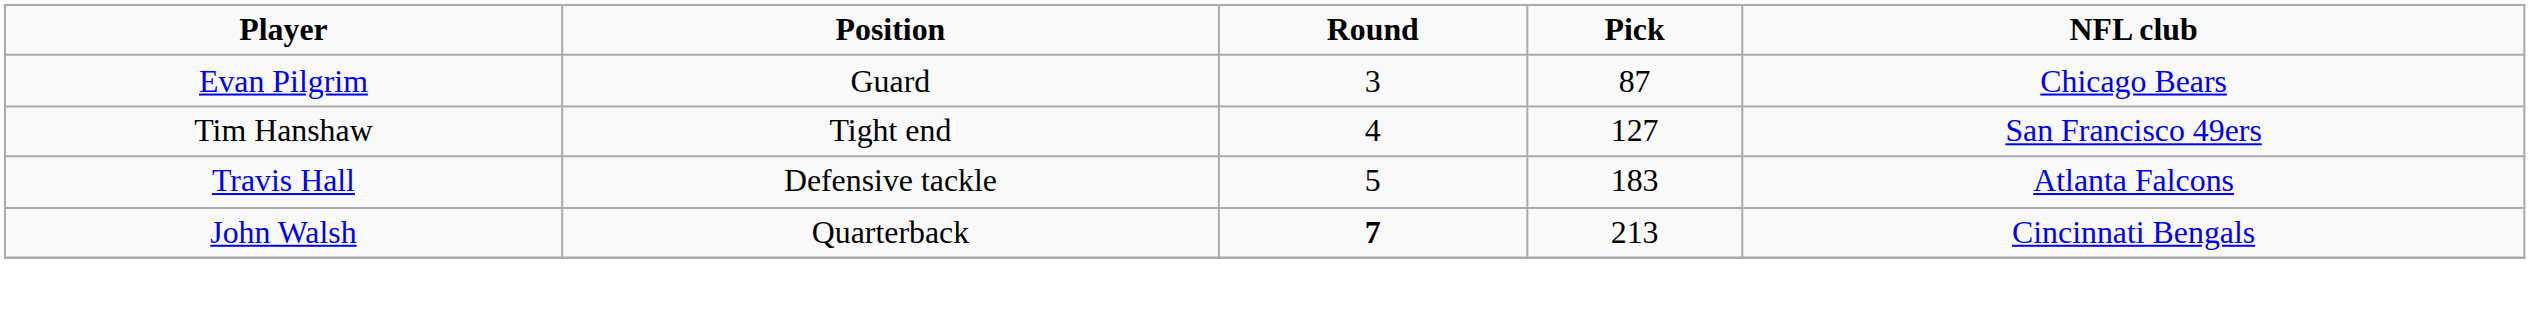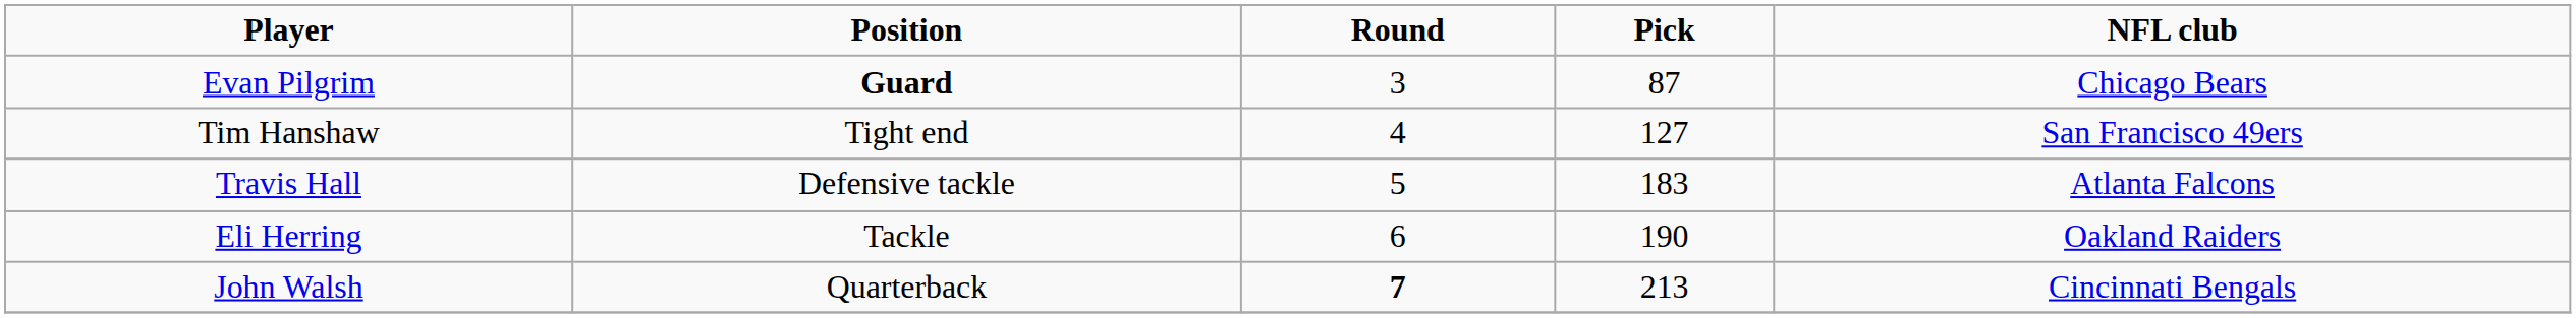 <table class="wikitable" width="80%">
 <tr align="center">
 <td><strong>Player</strong></td>
 <td><strong>Position</strong></td>
 <td><strong>Round</strong></td>
 <td><strong>Pick</strong></td>
 <td><strong>NFL club</strong></td>
 </tr>
 <tr align="center" bgcolor="">
 <td><a href='#'>Evan Pilgrim</a></td>
-<td>Guard</td>
+<td><strong>Guard</strong></td>
 <td>3</td>
 <td>87</td>
 <td><a href='#'>Chicago Bears</a></td>
 </tr>
 <tr align="center" bgcolor="">
 <td>Tim Hanshaw</td>
 <td>Tight end</td>
 <td>4</td>
 <td>127</td>
 <td><a href='#'>San Francisco 49ers</a></td>
 </tr>
 <tr align="center" bgcolor="">
 <td><a href='#'>Travis Hall</a></td>
 <td>Defensive tackle</td>
 <td>5</td>
 <td>183</td>
 <td><a href='#'>Atlanta Falcons</a></td>
 </tr>
 <tr align="center" bgcolor="">
+<td><a href='#'>Eli Herring</a></td>
+<td>Tackle</td>
+<td>6</td>
+<td>190</td>
+<td><a href='#'>Oakland Raiders</a></td>
+</tr>
+<tr align="center" bgcolor="">
 <td><a href='#'>John Walsh</a></td>
 <td>Quarterback</td>
 <td><strong>7</strong></td>
 <td>213</td>
 <td><a href='#'>Cincinnati Bengals</a></td>
 </tr>
 <tr align="center" bgcolor="">
 </tr>
 </table>
